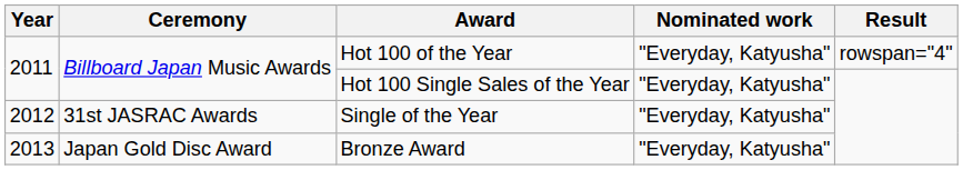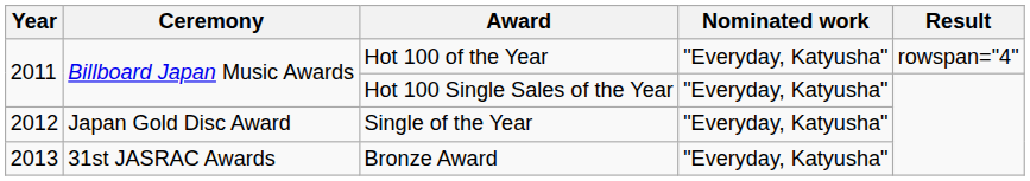 <table class="wikitable">
 <tr>
 <th>Year</th>
 <th>Ceremony</th>
 <th>Award</th>
 <th>Nominated work</th>
 <th>Result</th>
 </tr>
 <tr>
 <td rowspan="2">2011</td>
 <td rowspan="2"><em><a href='#'>Billboard Japan</a></em> Music Awards</td>
 <td>Hot 100 of the Year</td>
 <td>"Everyday, Katyusha"</td>
 <td>rowspan="4" </td>
 </tr>
 <tr>
 <td>Hot 100 Single Sales of the Year</td>
 <td>"Everyday, Katyusha"</td>
 </tr>
 <tr>
 <td>2012</td>
-<td>31st JASRAC Awards</td>
+<td>Japan Gold Disc Award</td>
 <td>Single of the Year</td>
 <td>"Everyday, Katyusha"</td>
 </tr>
 <tr>
 <td>2013</td>
-<td>Japan Gold Disc Award</td>
+<td>31st JASRAC Awards</td>
 <td>Bronze Award</td>
 <td>"Everyday, Katyusha"</td>
 </tr>
 </table>
